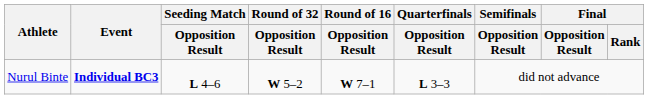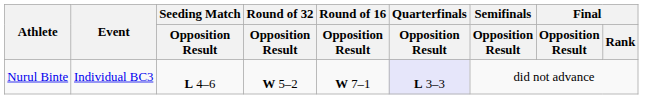 <table class=wikitable>
 <tr>
 <th rowspan="2">Athlete</th>
 <th rowspan="2">Event</th>
 <th>Seeding Match</th>
 <th>Round of 32</th>
 <th>Round of 16</th>
 <th>Quarterfinals</th>
 <th>Semifinals</th>
 <th colspan="2">Final</th>
 </tr>
 <tr>
 <th>Opposition<br>Result</th>
 <th>Opposition<br>Result</th>
 <th>Opposition<br>Result</th>
 <th>Opposition<br>Result</th>
 <th>Opposition<br>Result</th>
 <th>Opposition<br>Result</th>
 <th>Rank</th>
 </tr>
 <tr align=center>
 <td align=left><a href='#'>Nurul Binte</a></td>
-<td align=left><strong><a href='#'>Individual BC3</a></strong></td>
+<td align=left><a href='#'>Individual BC3</a></td>
 <td><br><strong>L</strong> 4–6</td>
 <td><br><strong>W</strong> 5–2</td>
 <td><br><strong>W</strong> 7–1</td>
-<td><br><strong>L</strong> 3–3</td>
+<td style="background: lavender;"><br><strong>L</strong> 3–3</td>
 <td colspan=3>did not advance</td>
 </tr>
 </table>
